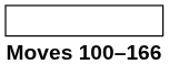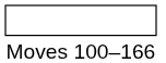 <table style="display:inline; display:inline-table;">
 <tr>
 <td style="border: solid thin; padding: 2px;"><br></td>
 </tr>
 <tr>
-<td style="text-align:center"><strong>Moves 100–166</strong></td>
+<td style="text-align:center">Moves 100–166</td>
 </tr>
 </table>
